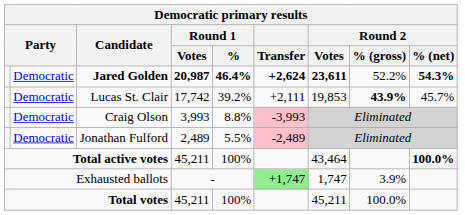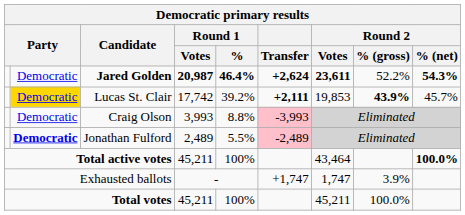 <table class="wikitable">
 <tr>
 <th colspan="13">Democratic primary results</th>
 </tr>
 <tr>
 <th colspan="2" rowspan="2">Party</th>
 <th rowspan="2">Candidate</th>
 <th colspan="2">Round 1</th>
 <th></th>
 <th colspan="3">Round 2</th>
 </tr>
 <tr>
 <th>Votes</th>
 <th>%</th>
 <th>Transfer</th>
 <th>Votes</th>
 <th>% (gross)</th>
 <th>% (net)</th>
 </tr>
 <tr align=right>
 <td style="background-color:"></td>
 <td><a href='#'>Democratic</a></td>
 <td><strong>Jared Golden</strong></td>
 <td><strong>20,987</strong></td>
 <td> <strong>46.4%</strong></td>
 <td><strong>+2,624</strong></td>
 <td><strong>23,611</strong></td>
 <td>52.2%</td>
 <td><strong>54.3%</strong></td>
 </tr>
 <tr align=right>
 <td style="background-color:"></td>
-<td><a href='#'>Democratic</a></td>
+<td style="background: gold;"><a href='#'>Democratic</a></td>
 <td>Lucas St. Clair</td>
 <td>17,742</td>
 <td>39.2%</td>
-<td>+2,111</td>
+<td><strong>+2,111</strong></td>
 <td>19,853</td>
 <td><strong>43.9%</strong></td>
 <td>45.7%</td>
 </tr>
 <tr align=right>
 <td style="background-color:"></td>
 <td><a href='#'>Democratic</a></td>
 <td>Craig Olson</td>
 <td>3,993</td>
 <td>8.8%</td>
 <td BGCOLOR=pink>-3,993</td>
 <td colspan=3 bgcolor=lightgray align=center><em>Eliminated</em></td>
 </tr>
 <tr align=right>
 <td style="background-color:"></td>
-<td><a href='#'>Democratic</a></td>
+<td><strong><a href='#'>Democratic</a></strong></td>
 <td>Jonathan Fulford</td>
 <td>2,489</td>
 <td> 5.5%</td>
 <td BGCOLOR=pink>-2,489</td>
 <td colspan=3 bgcolor=lightgray align=center><em>Eliminated</em></td>
 </tr>
 <tr align=right>
 <td colspan="3" align="right"><strong>Total active votes</strong></td>
 <td>45,211</td>
 <td>100%</td>
 <td></td>
 <td>43,464</td>
 <td></td>
 <td><strong>100.0%</strong></td>
 </tr>
 <tr align=right>
 <td colspan="3" align="right">Exhausted ballots</td>
 <td colspan=2 align=center>-</td>
-<td style="background: lightgreen;">+1,747</td>
+<td>+1,747</td>
 <td>1,747</td>
 <td>3.9%</td>
 <td></td>
 </tr>
 <tr align=right>
 <td colspan="3" align="right"><strong>Total votes</strong></td>
 <td>45,211</td>
 <td>100%</td>
 <td></td>
 <td>45,211</td>
 <td>100.0%</td>
 <td></td>
 </tr>
 </table>
